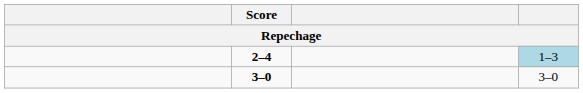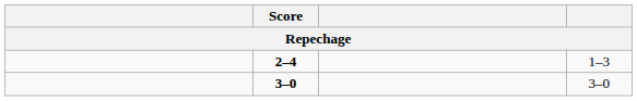 <table class="wikitable" style="text-align: left; ">
 <tr>
 <th align="right" width="270"></th>
 <th width="65">Score</th>
 <th align="left" width="270"></th>
 <th width="65"></th>
 </tr>
 <tr>
 <th colspan=4>Repechage</th>
 </tr>
 <tr>
 <td></td>
 <td align="center"><strong>2–4</strong></td>
 <td><strong></strong></td>
-<td align=center style="background: lightblue;">1–3 <strong></strong></td>
+<td align=center>1–3 <strong></strong></td>
 </tr>
 <tr>
 <td><strong></strong></td>
 <td align="center"><strong>3–0</strong></td>
 <td></td>
 <td align=center>3–0 <strong></strong></td>
 </tr>
 </table>
